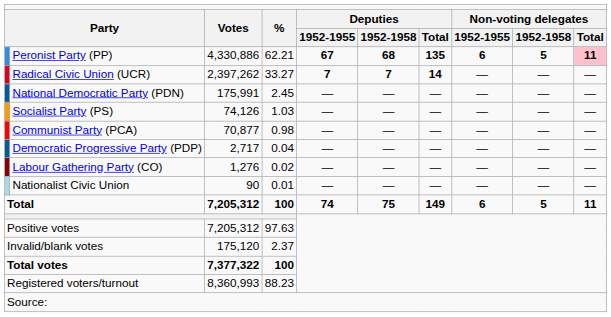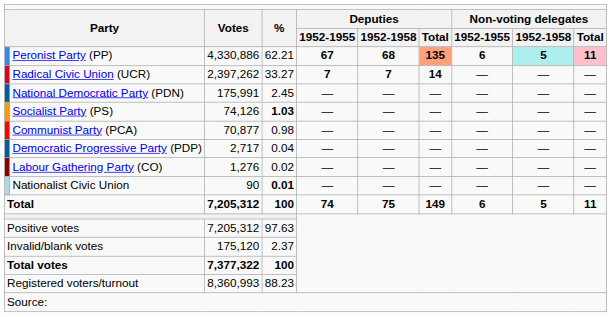 <table class="wikitable" style="text-align:right;">
 <tr>
 <td colspan=10></td>
 </tr>
 <tr>
 <th rowspan=2 colspan=2>Party</th>
 <th rowspan=2>Votes</th>
 <th rowspan=2>%</th>
 <th colspan=3>Deputies</th>
 <th colspan=3>Non-voting delegates</th>
 </tr>
 <tr>
 <th>1952-1955</th>
 <th>1952-1958</th>
 <th>Total</th>
 <th>1952-1955</th>
 <th>1952-1958</th>
 <th>Total</th>
 </tr>
 <tr>
 <td bgcolor=#318CE7></td>
 <td align=left><a href='#'>Peronist Party</a> (PP)</td>
 <td>4,330,886</td>
 <td>62.21</td>
 <td align=center><strong>67</strong></td>
 <td align=center><strong>68</strong></td>
-<td align=center><strong>135</strong></td>
+<td align=center style="background: lightsalmon;"><strong>135</strong></td>
 <td align=center><strong>6</strong></td>
-<td align=center><strong>5</strong></td>
+<td align=center style="background: paleturquoise;"><strong>5</strong></td>
 <td align=center style="background: pink;"><strong>11</strong></td>
 </tr>
 <tr>
 <td bgcolor=#E10019></td>
 <td align=left><a href='#'>Radical Civic Union</a> (UCR)</td>
 <td>2,397,262</td>
 <td>33.27</td>
 <td align=center><strong>7</strong></td>
 <td align=center><strong>7</strong></td>
 <td align=center><strong>14</strong></td>
 <td align=center>—</td>
 <td align=center>—</td>
 <td align=center>—</td>
 </tr>
 <tr>
 <td bgcolor=#005C9E></td>
 <td align=left><a href='#'>National Democratic Party</a> (PDN)</td>
 <td>175,991</td>
 <td>2.45</td>
 <td align=center>—</td>
 <td align=center>—</td>
 <td align=center>—</td>
 <td align=center>—</td>
 <td align=center>—</td>
 <td align=center>—</td>
 </tr>
 <tr>
 <td bgcolor=#FF9900></td>
 <td align=left><a href='#'>Socialist Party</a> (PS)</td>
 <td>74,126</td>
-<td>1.03</td>
+<td><strong>1.03</strong></td>
 <td align=center>—</td>
 <td align=center>—</td>
 <td align=center>—</td>
 <td align=center>—</td>
 <td align=center>—</td>
 <td align=center>—</td>
 </tr>
 <tr>
 <td bgcolor=#FF0000></td>
 <td align=left><a href='#'>Communist Party</a> (PCA)</td>
 <td>70,877</td>
 <td>0.98</td>
 <td align=center>—</td>
 <td align=center>—</td>
 <td align=center>—</td>
 <td align=center>—</td>
 <td align=center>—</td>
 <td align=center>—</td>
 </tr>
 <tr>
 <td bgcolor=#005C9E></td>
 <td align=left><a href='#'>Democratic Progressive Party</a> (PDP)</td>
 <td>2,717</td>
 <td>0.04</td>
 <td align=center>—</td>
 <td align=center>—</td>
 <td align=center>—</td>
 <td align=center>—</td>
 <td align=center>—</td>
 <td align=center>—</td>
 </tr>
 <tr>
 <td bgcolor=#880000></td>
 <td align=left><a href='#'>Labour Gathering Party</a> (CO)</td>
 <td>1,276</td>
 <td>0.02</td>
 <td align=center>—</td>
 <td align=center>—</td>
 <td align=center>—</td>
 <td align=center>—</td>
 <td align=center>—</td>
 <td align=center>—</td>
 </tr>
 <tr>
 <td bgcolor=lightblue></td>
 <td align=left>Nationalist Civic Union</td>
 <td>90</td>
-<td>0.01</td>
+<td><strong>0.01</strong></td>
 <td align=center>—</td>
 <td align=center>—</td>
 <td align=center>—</td>
 <td align=center>—</td>
 <td align=center>—</td>
 <td align=center>—</td>
 </tr>
 <tr style="font-weight:bold">
 <td colspan=2 align=left>Total</td>
 <td>7,205,312</td>
 <td>100</td>
 <td align=center><strong>74</strong></td>
 <td align=center><strong>75</strong></td>
 <td align=center><strong>149</strong></td>
 <td align=center><strong>6</strong></td>
 <td align=center><strong>5</strong></td>
 <td align=center><strong>11</strong></td>
 </tr>
 <tr>
 <th colspan=4></th>
 <td rowspan=5 colspan=6></td>
 </tr>
 <tr>
 <td align=left colspan=2>Positive votes</td>
 <td>7,205,312</td>
 <td>97.63</td>
 </tr>
 <tr>
 <td align=left colspan=2>Invalid/blank votes</td>
 <td>175,120</td>
 <td>2.37</td>
 </tr>
 <tr style="font-weight:bold">
 <td align=left colspan=2>Total votes</td>
 <td>7,377,322</td>
 <td>100</td>
 </tr>
 <tr>
 <td align=left colspan=2>Registered voters/turnout</td>
 <td>8,360,993</td>
 <td>88.23</td>
 </tr>
 <tr>
 <td colspan=10 align=left>Source:</td>
 </tr>
 </table>
